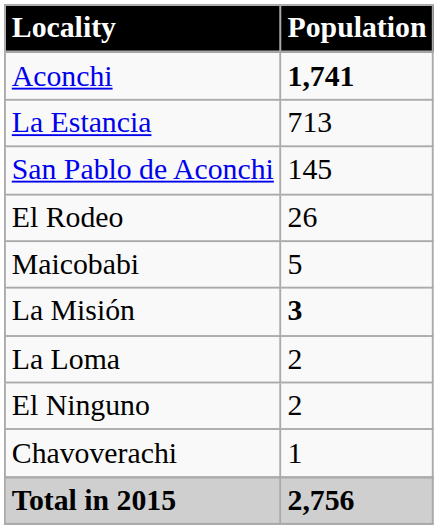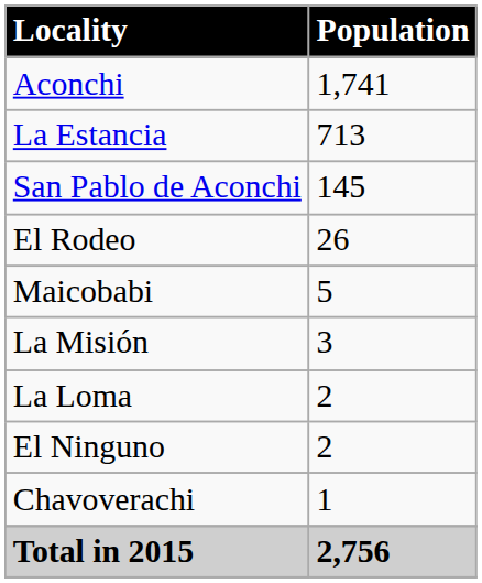 <table class="wikitable">
 <tr style="background:#000000; color:#FFFFFF;">
 <td><strong>Locality</strong></td>
 <td><strong>Population</strong></td>
 </tr>
 <tr>
 <td><a href='#'>Aconchi</a></td>
-<td><strong>1,741</strong></td>
+<td>1,741</td>
 </tr>
 <tr>
 <td><a href='#'>La Estancia</a></td>
 <td>713</td>
 </tr>
 <tr>
 <td><a href='#'>San Pablo de Aconchi</a></td>
 <td>145</td>
 </tr>
 <tr>
 <td>El Rodeo</td>
 <td>26</td>
 </tr>
 <tr>
 <td>Maicobabi</td>
 <td>5</td>
 </tr>
 <tr>
 <td>La Misión</td>
-<td><strong>3</strong></td>
+<td>3</td>
 </tr>
 <tr>
 <td>La Loma</td>
 <td>2</td>
 </tr>
 <tr>
 <td>El Ninguno</td>
 <td>2</td>
 </tr>
 <tr>
 <td>Chavoverachi</td>
 <td>1</td>
 </tr>
 <tr>
 </tr>
 <tr style="background:#CFCFCF;">
 <td><strong>Total in 2015</strong></td>
 <td><strong>2,756</strong></td>
 </tr>
 <tr>
 </tr>
 </table>
